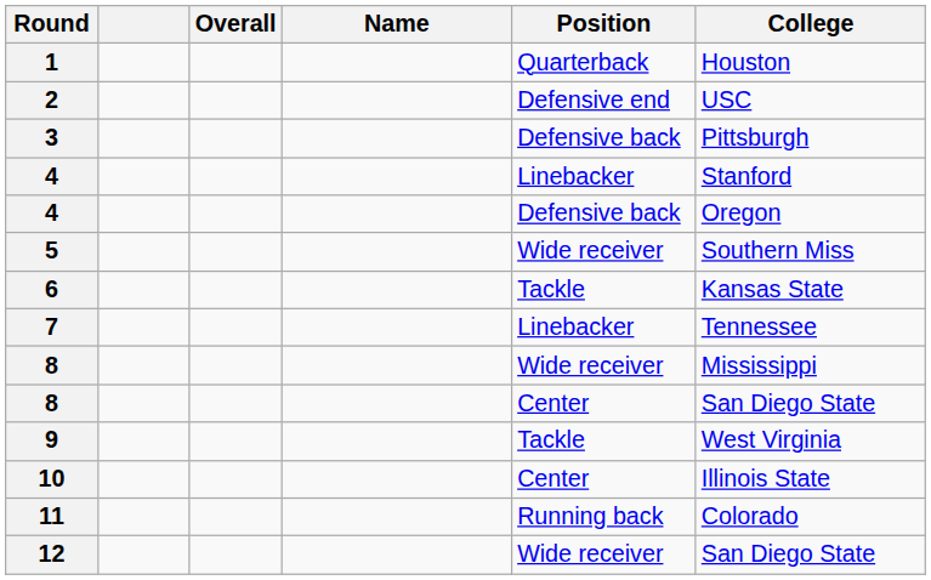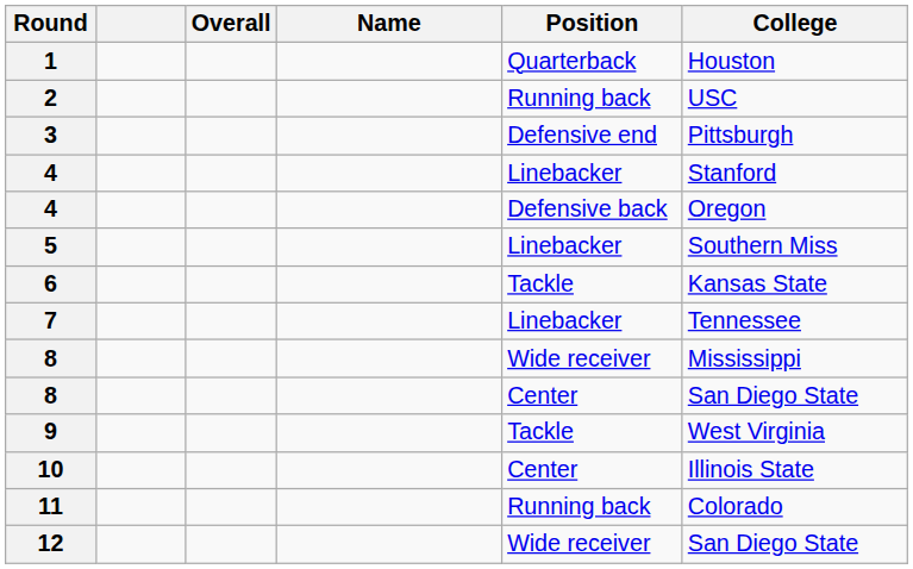 <table class="wikitable sortable">
 <tr>
 <th scope="col" style="width: 10%;">Round</th>
 <th scope="col" style="width: 10%;"></th>
 <th scope="col" style="width: 10%;">Overall</th>
 <th scope="col" style="width: 25%;">Name</th>
 <th scope="col" style="width: 20%;">Position</th>
 <th scope="col" style="width: 25%;">College</th>
 </tr>
 <tr>
 <th scope="row">1</th>
 <td></td>
 <td></td>
 <td></td>
 <td><a href='#'>Quarterback</a></td>
 <td><a href='#'>Houston</a></td>
 </tr>
 <tr>
 <th scope="row">2</th>
 <td></td>
 <td></td>
 <td></td>
-<td><a href='#'>Defensive end</a></td>
+<td><a href='#'>Running back</a></td>
 <td><a href='#'>USC</a></td>
 </tr>
 <tr>
 <th scope="row">3</th>
 <td></td>
 <td></td>
 <td></td>
-<td><a href='#'>Defensive back</a></td>
+<td><a href='#'>Defensive end</a></td>
 <td><a href='#'>Pittsburgh</a></td>
 </tr>
 <tr>
 <th scope="row">4</th>
 <td></td>
 <td></td>
 <td></td>
 <td><a href='#'>Linebacker</a></td>
 <td><a href='#'>Stanford</a></td>
 </tr>
 <tr>
 <th scope="row">4</th>
 <td></td>
 <td></td>
 <td></td>
 <td><a href='#'>Defensive back</a></td>
 <td><a href='#'>Oregon</a></td>
 </tr>
 <tr>
 <th scope="row">5</th>
 <td></td>
 <td></td>
 <td></td>
-<td><a href='#'>Wide receiver</a></td>
+<td><a href='#'>Linebacker</a></td>
 <td><a href='#'>Southern Miss</a></td>
 </tr>
 <tr>
 <th scope="row">6</th>
 <td></td>
 <td></td>
 <td></td>
 <td><a href='#'>Tackle</a></td>
 <td><a href='#'>Kansas State</a></td>
 </tr>
 <tr>
 <th scope="row">7</th>
 <td></td>
 <td></td>
 <td></td>
 <td><a href='#'>Linebacker</a></td>
 <td><a href='#'>Tennessee</a></td>
 </tr>
 <tr>
 <th scope="row">8</th>
 <td></td>
 <td></td>
 <td></td>
 <td><a href='#'>Wide receiver</a></td>
 <td><a href='#'>Mississippi</a></td>
 </tr>
 <tr>
 <th scope="row">8</th>
 <td></td>
 <td></td>
 <td></td>
 <td><a href='#'>Center</a></td>
 <td><a href='#'>San Diego State</a></td>
 </tr>
 <tr>
 <th scope="row">9</th>
 <td></td>
 <td></td>
 <td></td>
 <td><a href='#'>Tackle</a></td>
 <td><a href='#'>West Virginia</a></td>
 </tr>
 <tr>
 <th scope="row">10</th>
 <td></td>
 <td></td>
 <td></td>
 <td><a href='#'>Center</a></td>
 <td><a href='#'>Illinois State</a></td>
 </tr>
 <tr>
 <th scope="row">11</th>
 <td></td>
 <td></td>
 <td></td>
 <td><a href='#'>Running back</a></td>
 <td><a href='#'>Colorado</a></td>
 </tr>
 <tr>
 <th scope="row">12</th>
 <td></td>
 <td></td>
 <td></td>
 <td><a href='#'>Wide receiver</a></td>
 <td><a href='#'>San Diego State</a></td>
 </tr>
 </table>
